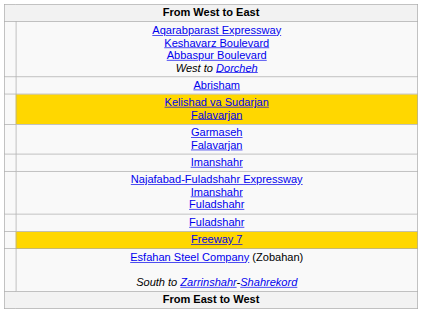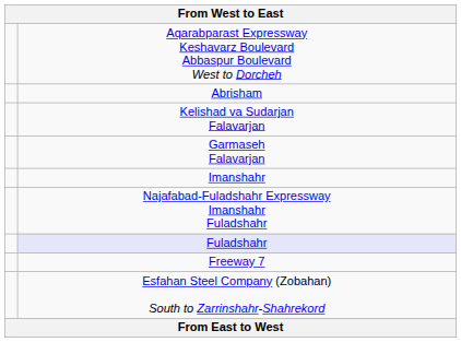 <table class="wikitable" style="text-align:center" width="600px">
 <tr>
 <th text-align="center" colspan="3"> From West to East </th>
 </tr>
 <tr>
 <td><br></td>
 <td> <a href='#'>Aqarabparast Expressway</a><br> <a href='#'>Keshavarz Boulevard</a><br> <a href='#'>Abbaspur Boulevard</a><br><em>West to <a href='#'>Dorcheh</a></em></td>
 </tr>
 <tr>
 <td></td>
 <td> <a href='#'>Abrisham</a></td>
 </tr>
 <tr>
 <td></td>
-<td style="background: gold;"> <a href='#'>Kelishad va Sudarjan</a><br> <a href='#'>Falavarjan</a></td>
+<td> <a href='#'>Kelishad va Sudarjan</a><br> <a href='#'>Falavarjan</a></td>
 </tr>
 <tr>
 <td></td>
 <td> <a href='#'>Garmaseh</a><br> <a href='#'>Falavarjan</a></td>
 </tr>
 <tr>
 <td></td>
 <td> <a href='#'>Imanshahr</a></td>
 </tr>
 <tr>
 <td></td>
 <td> <a href='#'>Najafabad-Fuladshahr Expressway</a><br> <a href='#'>Imanshahr</a><br> <a href='#'>Fuladshahr</a></td>
 </tr>
 <tr>
 <td></td>
-<td> <a href='#'>Fuladshahr</a></td>
+<td style="background: lavender;"> <a href='#'>Fuladshahr</a></td>
 </tr>
 <tr>
 <td></td>
-<td style="background: gold;"> <a href='#'>Freeway 7</a></td>
+<td> <a href='#'>Freeway 7</a></td>
 </tr>
 <tr>
 <td><br></td>
 <td><a href='#'>Esfahan Steel Company</a> (Zobahan)<br><br><em>South to <a href='#'>Zarrinshahr</a>-<a href='#'>Shahrekord</a></em></td>
 </tr>
 <tr>
 <th text-align="center" colspan="3"> From East to West </th>
 </tr>
 </table>
